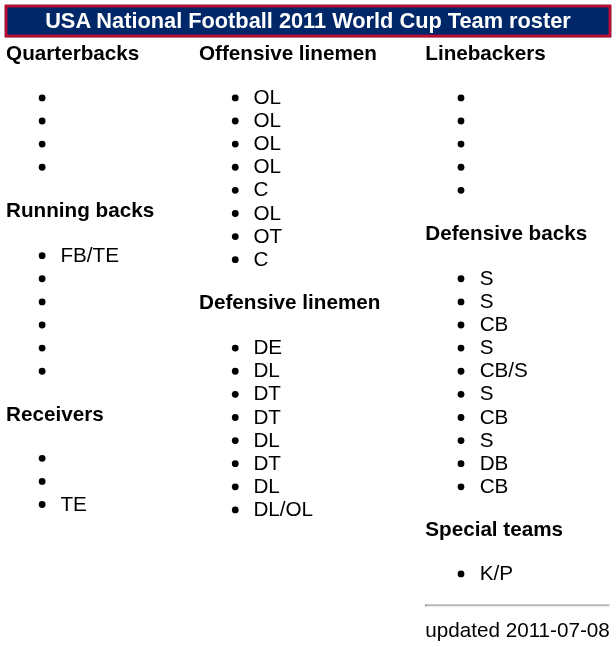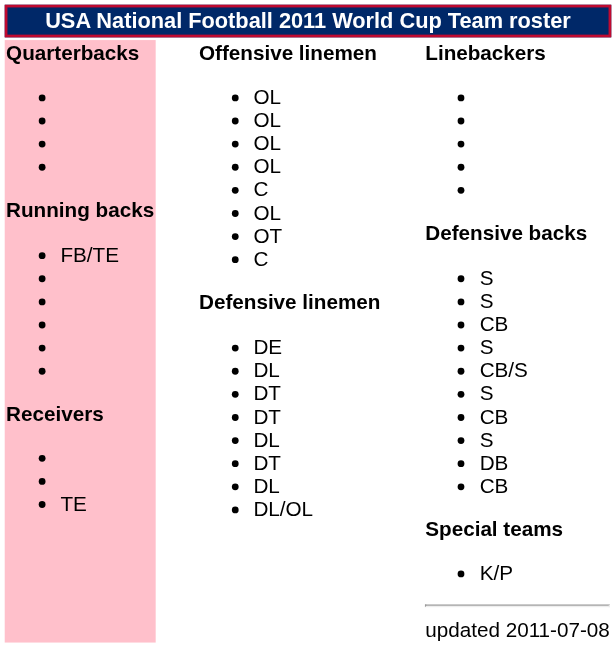 <table class="toccolours" style="text-align: left;">
 <tr>
 <th colspan="7" style="background-color: #002868; border:2px solid #BF0A30;color:white;text-align:center;">USA National Football 2011 World Cup Team roster</th>
 </tr>
 <tr>
-<td style="font-size: 95%;vertical-align:top;"><strong>Quarterbacks</strong><br><ul><li></li><li></li><li></li><li></li></ul><strong>Running backs</strong><ul><li> FB/TE</li><li></li><li></li><li></li><li></li><li></li></ul><strong>Receivers</strong><ul><li></li><li></li><li> TE</li></ul></td>
+<td style="background: pink; font-size: 95%;vertical-align:top;"><strong>Quarterbacks</strong><br><ul><li></li><li></li><li></li><li></li></ul><strong>Running backs</strong><ul><li> FB/TE</li><li></li><li></li><li></li><li></li><li></li></ul><strong>Receivers</strong><ul><li></li><li></li><li> TE</li></ul></td>
 <td style="width: 25px;"></td>
 <td style="font-size: 95%;vertical-align:top;"><strong>Offensive linemen</strong><br><ul><li> OL</li><li> OL</li><li> OL</li><li> OL</li><li> C</li><li> OL</li><li> OT</li><li> C</li></ul><strong>Defensive linemen</strong><ul><li> DE</li><li> DL</li><li> DT</li><li> DT</li><li> DL</li><li> DT</li><li> DL</li><li> DL/OL</li></ul></td>
 <td style="width: 25px;"></td>
 <td style="font-size: 95%;vertical-align:top;"><strong>Linebackers</strong><br><ul><li></li><li></li><li></li><li></li><li></li></ul><strong>Defensive backs</strong><ul><li> S</li><li> S</li><li> CB</li><li> S</li><li> CB/S</li><li> S</li><li> CB</li><li> S</li><li> DB</li><li> CB</li></ul><strong>Special teams</strong><ul><li> K/P</li></ul><hr> <span></span> updated 2011-07-08<br></td>
 </tr>
 <tr>
 </tr>
 </table>
